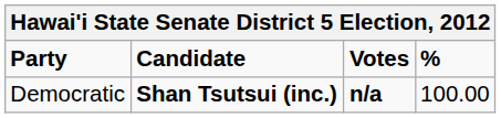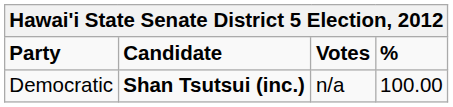 <table class="wikitable">
 <tr>
 <th colspan="4">Hawai'i State Senate District 5 Election, 2012</th>
 </tr>
 <tr>
 <td><strong>Party</strong></td>
 <td><strong>Candidate</strong></td>
 <td><strong>Votes</strong></td>
 <td><strong>%</strong></td>
 </tr>
 <tr>
 <td>Democratic</td>
 <td><strong>Shan Tsutsui (inc.)</strong></td>
-<td><strong>n/a</strong></td>
+<td>n/a</td>
 <td>100.00</td>
 </tr>
 </table>
